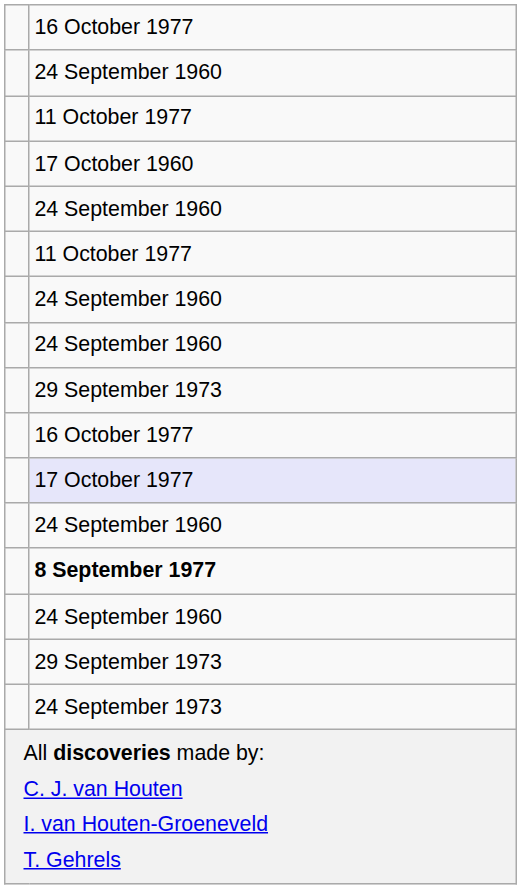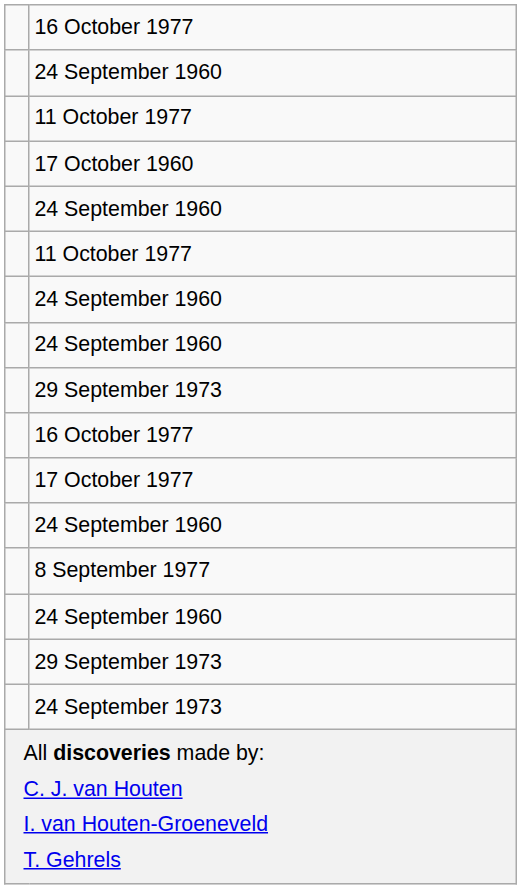 <table class="wikitable" style="font-size: 89%; float: left; width: 24em; margin-right: 1em; line-height: 1.65em">
 <tr>
 <td></td>
 <td>16 October 1977</td>
 </tr>
 <tr>
 <td></td>
 <td>24 September 1960</td>
 </tr>
 <tr>
 <td></td>
 <td>11 October 1977</td>
 </tr>
 <tr>
 <td></td>
 <td>17 October 1960</td>
 </tr>
 <tr>
 <td></td>
 <td>24 September 1960</td>
 </tr>
 <tr>
 <td></td>
 <td>11 October 1977</td>
 </tr>
 <tr>
 <td></td>
 <td>24 September 1960</td>
 </tr>
 <tr>
 <td></td>
 <td>24 September 1960</td>
 </tr>
 <tr>
 <td></td>
 <td>29 September 1973</td>
 </tr>
 <tr>
 <td></td>
 <td>16 October 1977</td>
 </tr>
 <tr>
 <td></td>
-<td style="background: lavender;">17 October 1977</td>
+<td>17 October 1977</td>
 </tr>
 <tr>
 <td></td>
 <td>24 September 1960</td>
 </tr>
 <tr>
 <td></td>
-<td><strong>8 September 1977</strong></td>
+<td>8 September 1977</td>
 </tr>
 <tr>
 <td></td>
 <td>24 September 1960</td>
 </tr>
 <tr>
 <td></td>
 <td>29 September 1973</td>
 </tr>
 <tr>
 <td></td>
 <td>24 September 1973</td>
 </tr>
 <tr>
 <th colspan=3 style="font-weight: normal; text-align: left; padding: 4px 12px;">All <strong>discoveries</strong> made by:<br><a href='#'>C. J. van Houten</a><br><a href='#'>I. van Houten-Groeneveld</a><br><a href='#'>T. Gehrels</a></th>
 </tr>
 </table>
